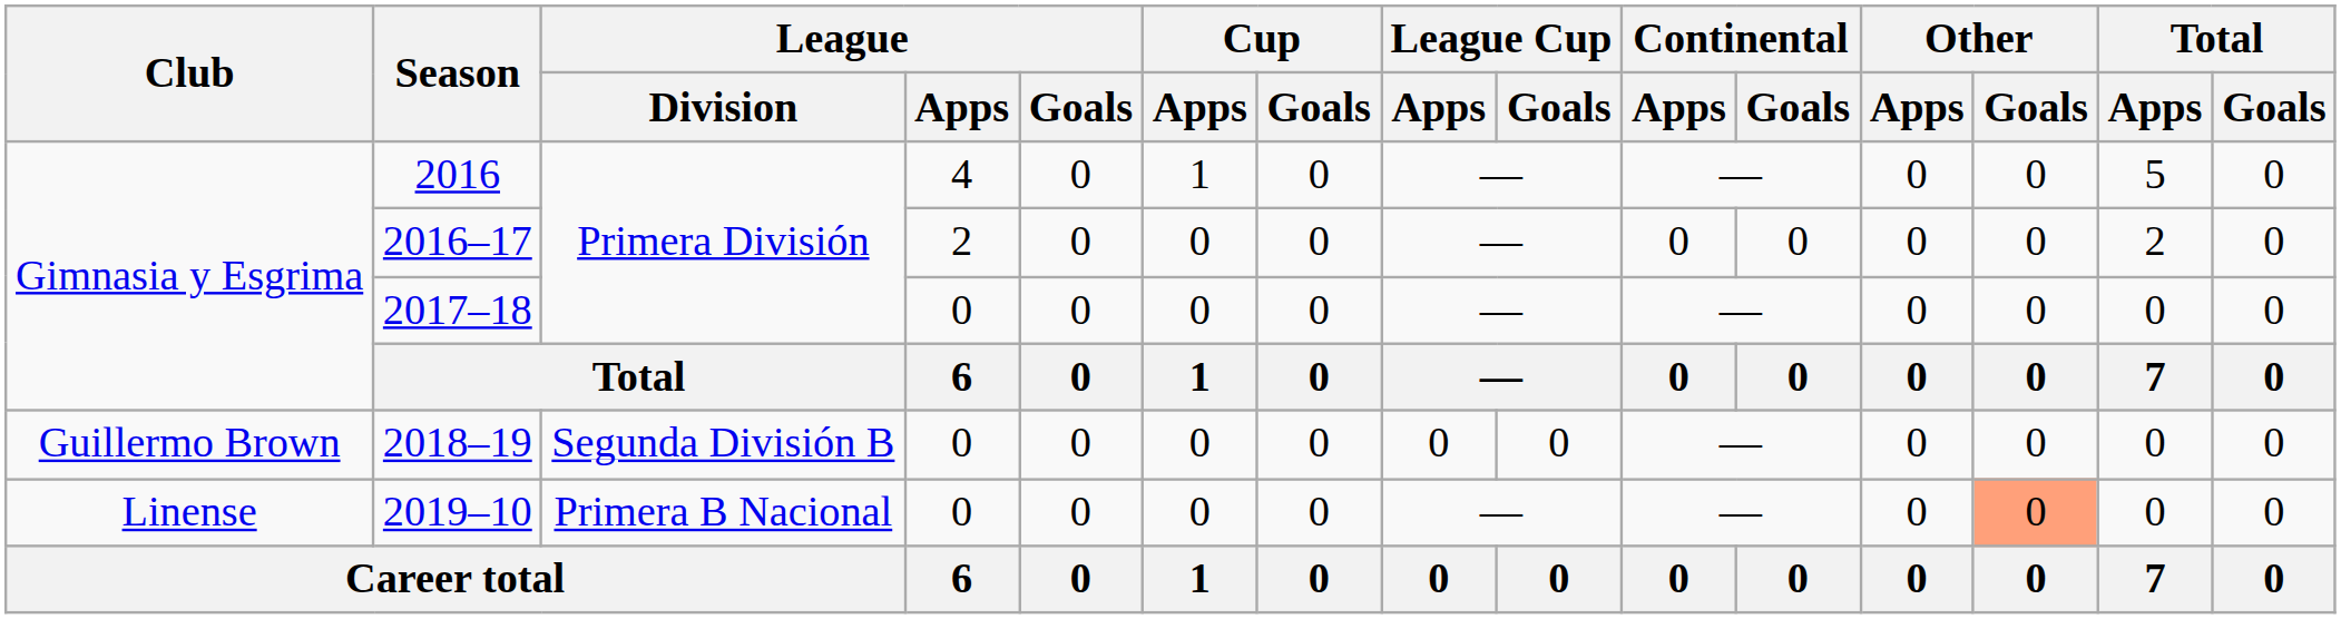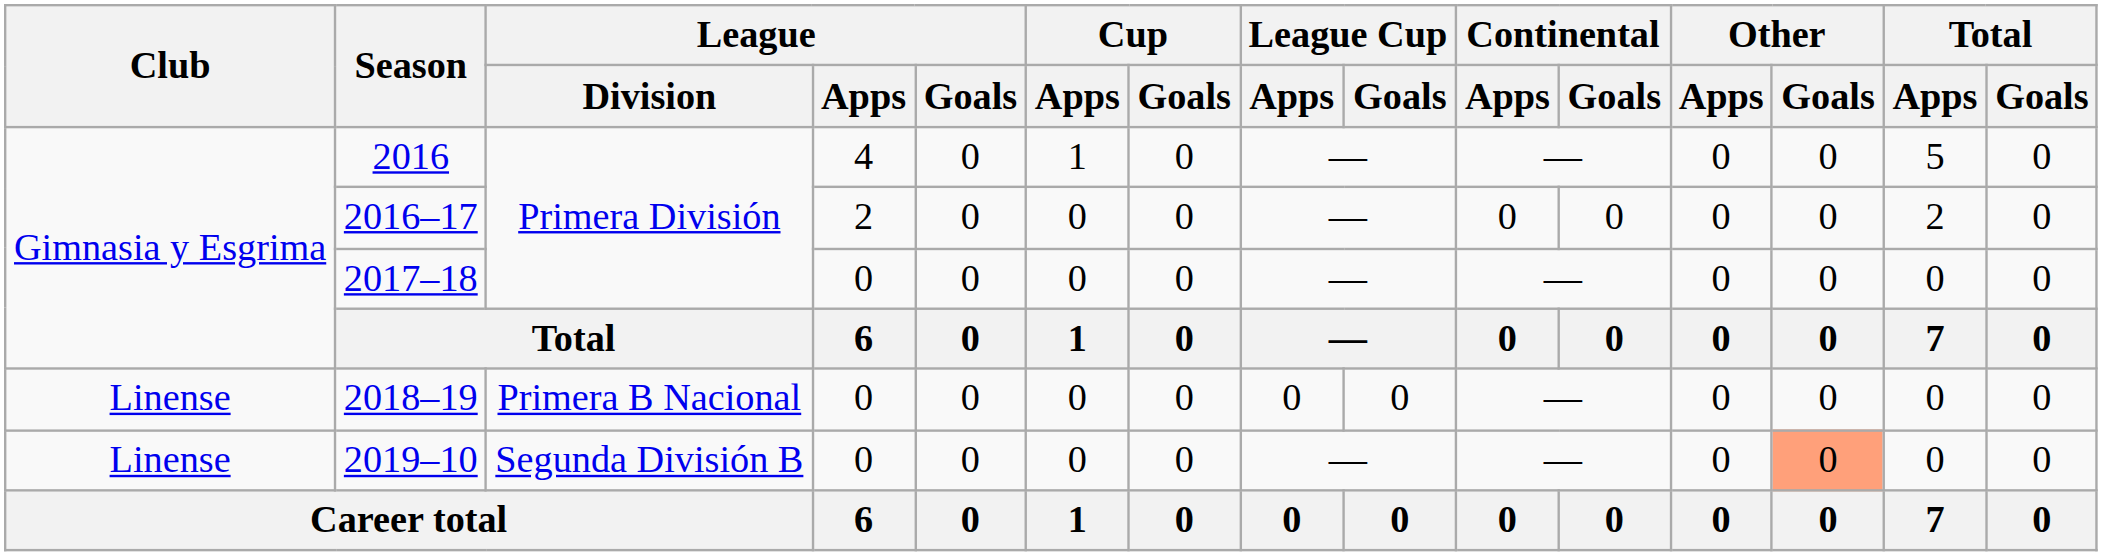 <table class="wikitable" style="text-align:center">
 <tr>
 <th rowspan="2">Club</th>
 <th rowspan="2">Season</th>
 <th colspan="3">League</th>
 <th colspan="2">Cup</th>
 <th colspan="2">League Cup</th>
 <th colspan="2">Continental</th>
 <th colspan="2">Other</th>
 <th colspan="2">Total</th>
 </tr>
 <tr>
 <th>Division</th>
 <th>Apps</th>
 <th>Goals</th>
 <th>Apps</th>
 <th>Goals</th>
 <th>Apps</th>
 <th>Goals</th>
 <th>Apps</th>
 <th>Goals</th>
 <th>Apps</th>
 <th>Goals</th>
 <th>Apps</th>
 <th>Goals</th>
 </tr>
 <tr>
 <td rowspan="4"><a href='#'>Gimnasia y Esgrima</a></td>
 <td><a href='#'>2016</a></td>
 <td rowspan="3"><a href='#'>Primera División</a></td>
 <td>4</td>
 <td>0</td>
 <td>1</td>
 <td>0</td>
 <td colspan="2">—</td>
 <td colspan="2">—</td>
 <td>0</td>
 <td>0</td>
 <td>5</td>
 <td>0</td>
 </tr>
 <tr>
 <td><a href='#'>2016–17</a></td>
 <td>2</td>
 <td>0</td>
 <td>0</td>
 <td>0</td>
 <td colspan="2">—</td>
 <td>0</td>
 <td>0</td>
 <td>0</td>
 <td>0</td>
 <td>2</td>
 <td>0</td>
 </tr>
 <tr>
 <td><a href='#'>2017–18</a></td>
 <td>0</td>
 <td>0</td>
 <td>0</td>
 <td>0</td>
 <td colspan="2">—</td>
 <td colspan="2">—</td>
 <td>0</td>
 <td>0</td>
 <td>0</td>
 <td>0</td>
 </tr>
 <tr>
 <th colspan="2">Total</th>
 <th>6</th>
 <th>0</th>
 <th>1</th>
 <th>0</th>
 <th colspan="2">—</th>
 <th>0</th>
 <th>0</th>
 <th>0</th>
 <th>0</th>
 <th>7</th>
 <th>0</th>
 </tr>
 <tr>
-<td rowspan="1"><a href='#'>Guillermo Brown</a></td>
+<td rowspan="1"><a href='#'>Linense</a></td>
 <td><a href='#'>2018–19</a></td>
-<td rowspan="1"><a href='#'>Segunda División B</a></td>
+<td rowspan="1"><a href='#'>Primera B Nacional</a></td>
 <td>0</td>
 <td>0</td>
 <td>0</td>
 <td>0</td>
 <td>0</td>
 <td>0</td>
 <td colspan="2">—</td>
 <td>0</td>
 <td>0</td>
 <td>0</td>
 <td>0</td>
 </tr>
 <tr>
 <td rowspan="1"><a href='#'>Linense</a></td>
 <td><a href='#'>2019–10</a></td>
-<td rowspan="1"><a href='#'>Primera B Nacional</a></td>
+<td rowspan="1"><a href='#'>Segunda División B</a></td>
 <td>0</td>
 <td>0</td>
 <td>0</td>
 <td>0</td>
 <td colspan="2">—</td>
 <td colspan="2">—</td>
 <td>0</td>
 <td style="background: lightsalmon;">0</td>
 <td>0</td>
 <td>0</td>
 </tr>
 <tr>
 <th colspan="3">Career total</th>
 <th>6</th>
 <th>0</th>
 <th>1</th>
 <th>0</th>
 <th>0</th>
 <th>0</th>
 <th>0</th>
 <th>0</th>
 <th>0</th>
 <th>0</th>
 <th>7</th>
 <th>0</th>
 </tr>
 </table>
